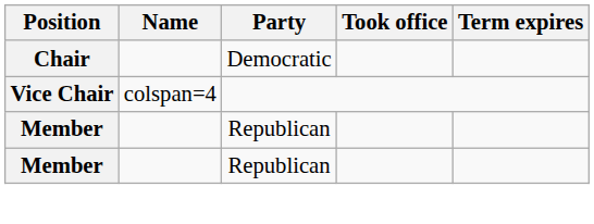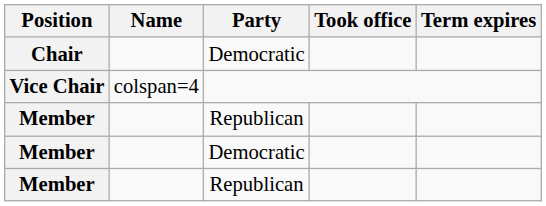 <table class="wikitable sortable plainrowheaders" style="text-align:center">
 <tr>
 <th>Position</th>
 <th scope="col" "width:20%">Name</th>
 <th>Party</th>
 <th>Took office</th>
 <th>Term expires</th>
 </tr>
 <tr>
 <th>Chair</th>
 <td></td>
 <td>Democratic</td>
 <td></td>
 <td></td>
 </tr>
 <tr>
 <th>Vice Chair</th>
 <td>colspan=4 </td>
 </tr>
 <tr>
 <th>Member</th>
 <td></td>
 <td>Republican</td>
 <td></td>
 <td></td>
 </tr>
 <tr>
 <th>Member</th>
 <td></td>
+<td>Democratic</td>
+<td></td>
+<td></td>
+</tr>
+<tr>
+<th>Member</th>
+<td></td>
 <td>Republican</td>
 <td></td>
 <td></td>
 </tr>
 </table>
